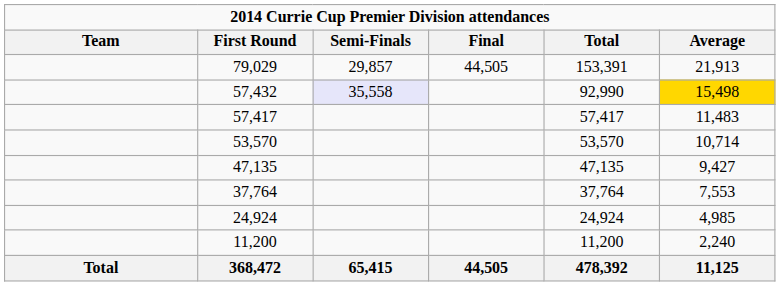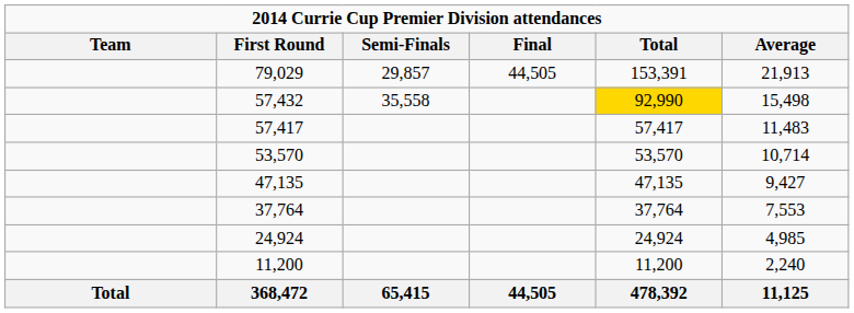 <table class="wikitable" style="text-align:center; line-height:110%; font-size:90%; width:55%;">
 <tr>
 <td colspan=6 align=center><strong>2014 Currie Cup Premier Division attendances</strong></td>
 </tr>
 <tr>
 <th width="25%">Team</th>
 <th width="15%">First Round</th>
 <th width="15%">Semi-Finals</th>
 <th width="15%">Final</th>
 <th width="15%">Total</th>
 <th width="15%">Average</th>
 </tr>
 <tr>
 <td align=left></td>
 <td>79,029</td>
 <td>29,857</td>
 <td>44,505</td>
 <td>153,391</td>
 <td>21,913</td>
 </tr>
 <tr>
 <td align=left></td>
 <td>57,432</td>
-<td style="background: lavender;">35,558</td>
+<td>35,558</td>
 <td></td>
-<td>92,990</td>
-<td style="background: gold;">15,498</td>
+<td style="background: gold;">92,990</td>
+<td>15,498</td>
 </tr>
 <tr>
 <td align=left></td>
 <td>57,417</td>
 <td></td>
 <td></td>
 <td>57,417</td>
 <td>11,483</td>
 </tr>
 <tr>
 <td align=left></td>
 <td>53,570</td>
 <td></td>
 <td></td>
 <td>53,570</td>
 <td>10,714</td>
 </tr>
 <tr>
 <td align=left></td>
 <td>47,135</td>
 <td></td>
 <td></td>
 <td>47,135</td>
 <td>9,427</td>
 </tr>
 <tr>
 <td align=left></td>
 <td>37,764</td>
 <td></td>
 <td></td>
 <td>37,764</td>
 <td>7,553</td>
 </tr>
 <tr>
 <td align=left></td>
 <td>24,924</td>
 <td></td>
 <td></td>
 <td>24,924</td>
 <td>4,985</td>
 </tr>
 <tr>
 <td align=left></td>
 <td>11,200</td>
 <td></td>
 <td></td>
 <td>11,200</td>
 <td>2,240</td>
 </tr>
 <tr>
 <th>Total</th>
 <th>368,472</th>
 <th>65,415</th>
 <th>44,505</th>
 <th>478,392</th>
 <th>11,125</th>
 </tr>
 </table>
